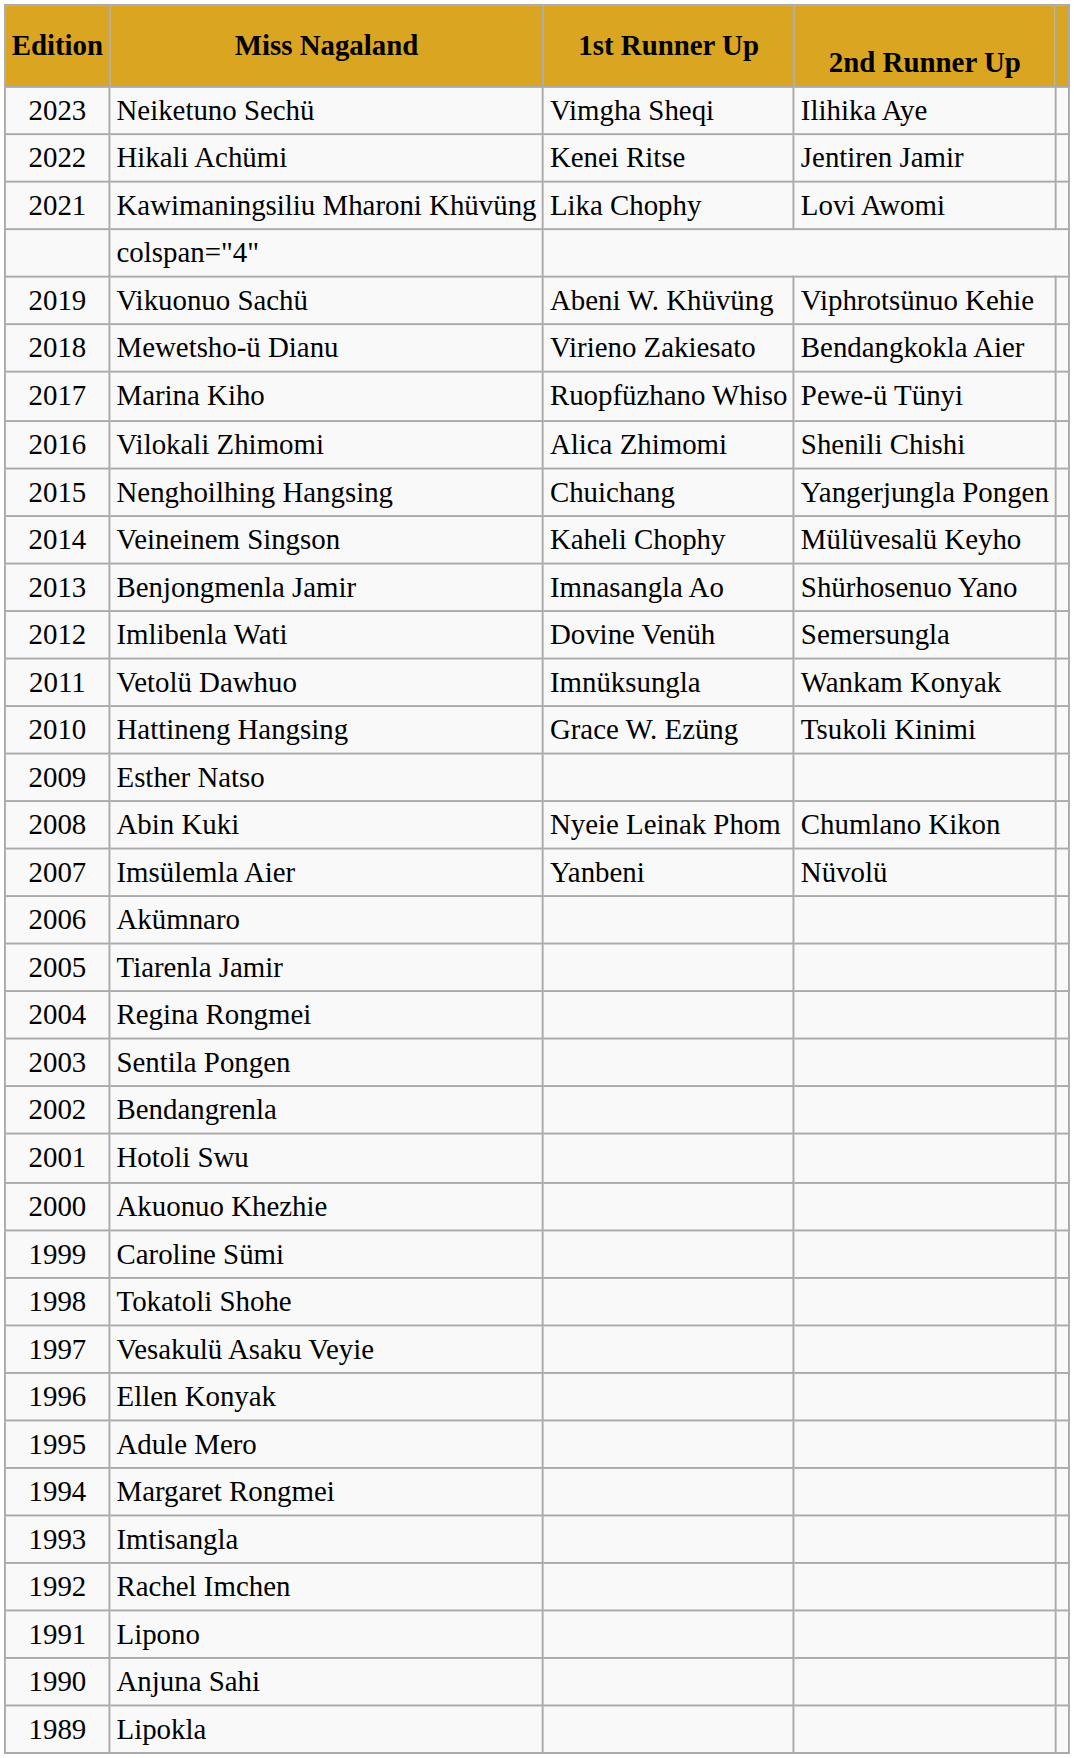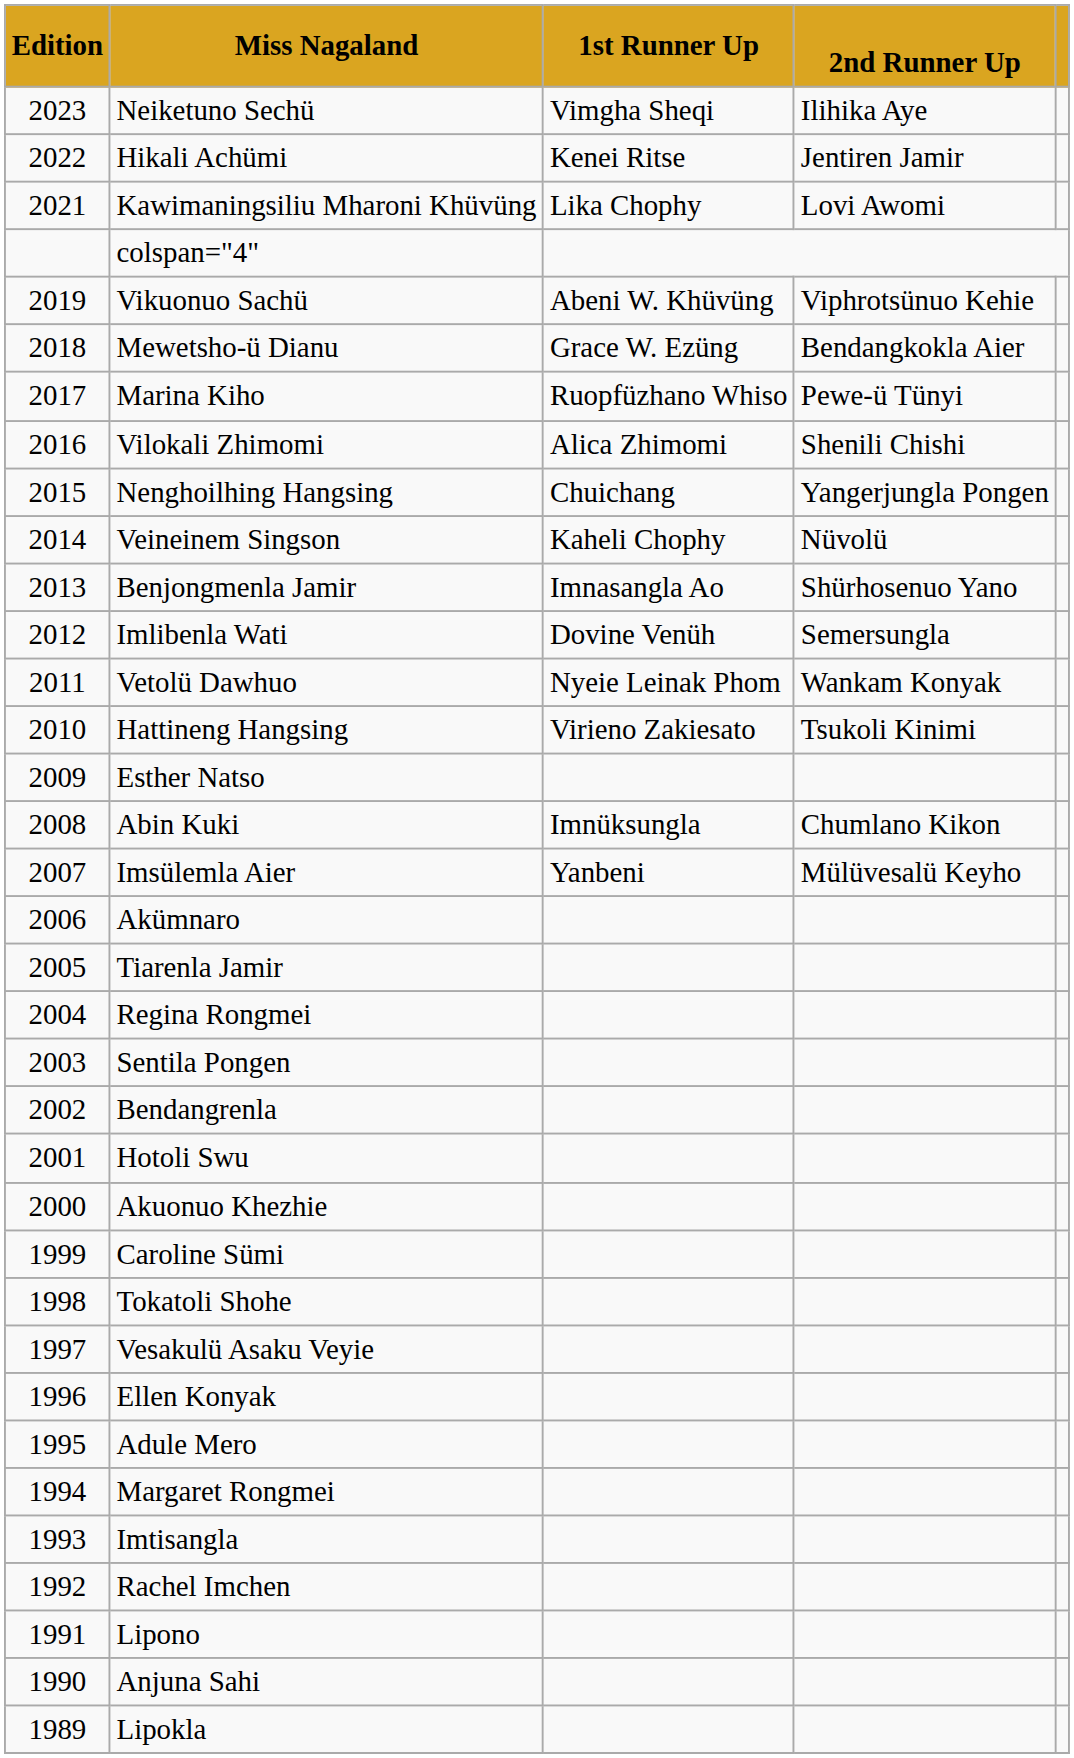 <table class="wikitable sortable" style="font-size:95%;">
 <tr>
 <th style="background-color:#DAA520">Edition</th>
 <th style="background-color:#DAA520">Miss Nagaland</th>
 <th style="background-color:#DAA520">1st Runner Up</th>
 <th style="background-color:#DAA520"><br>2nd Runner Up</th>
 <th style="background-color:#DAA520"></th>
 </tr>
 <tr>
 <td align=center>2023</td>
 <td>Neiketuno Sechü</td>
 <td>Vimgha Sheqi</td>
 <td>Ilihika Aye</td>
 <td></td>
 </tr>
 <tr>
 <td align=center>2022</td>
 <td>Hikali Achümi</td>
 <td>Kenei Ritse</td>
 <td>Jentiren Jamir</td>
 <td></td>
 </tr>
 <tr>
 <td align=center>2021</td>
 <td>Kawimaningsiliu Mharoni Khüvüng</td>
 <td>Lika Chophy</td>
 <td>Lovi Awomi</td>
 <td></td>
 </tr>
 <tr>
 <td align=center></td>
 <td>colspan="4" </td>
 </tr>
 <tr>
 <td align=center>2019</td>
 <td>Vikuonuo Sachü</td>
 <td>Abeni W. Khüvüng</td>
 <td>Viphrotsünuo Kehie</td>
 <td></td>
 </tr>
 <tr>
 <td align=center>2018</td>
 <td>Mewetsho-ü Dianu</td>
-<td>Virieno Zakiesato</td>
+<td>Grace W. Ezüng</td>
 <td>Bendangkokla Aier</td>
 <td></td>
 </tr>
 <tr>
 <td align=center>2017</td>
 <td>Marina Kiho</td>
 <td>Ruopfüzhano Whiso</td>
 <td>Pewe-ü Tünyi</td>
 <td></td>
 </tr>
 <tr>
 <td align=center>2016</td>
 <td>Vilokali Zhimomi</td>
 <td>Alica Zhimomi</td>
 <td>Shenili Chishi</td>
 <td></td>
 </tr>
 <tr>
 <td align=center>2015</td>
 <td>Nenghoilhing Hangsing</td>
 <td>Chuichang</td>
 <td>Yangerjungla Pongen</td>
 <td></td>
 </tr>
 <tr>
 <td align=center>2014</td>
 <td>Veineinem Singson</td>
 <td>Kaheli Chophy</td>
-<td>Mülüvesalü Keyho</td>
+<td>Nüvolü</td>
 <td></td>
 </tr>
 <tr>
 <td align=center>2013</td>
 <td>Benjongmenla Jamir</td>
 <td>Imnasangla Ao</td>
 <td>Shürhosenuo Yano</td>
 <td></td>
 </tr>
 <tr>
 <td align=center>2012</td>
 <td>Imlibenla Wati</td>
 <td>Dovine Venüh</td>
 <td>Semersungla</td>
 <td></td>
 </tr>
 <tr>
 <td align=center>2011</td>
 <td>Vetolü Dawhuo</td>
-<td>Imnüksungla</td>
+<td>Nyeie Leinak Phom</td>
 <td>Wankam Konyak</td>
 <td></td>
 </tr>
 <tr>
 <td align=center>2010</td>
 <td>Hattineng Hangsing</td>
-<td>Grace W. Ezüng</td>
+<td>Virieno Zakiesato</td>
 <td>Tsukoli Kinimi</td>
 <td></td>
 </tr>
 <tr>
 <td align=center>2009</td>
 <td>Esther Natso</td>
 <td></td>
 <td></td>
 <td></td>
 </tr>
 <tr>
 <td align=center>2008</td>
 <td>Abin Kuki</td>
-<td>Nyeie Leinak Phom</td>
+<td>Imnüksungla</td>
 <td>Chumlano Kikon</td>
 <td></td>
 </tr>
 <tr>
 <td align=center>2007</td>
 <td>Imsülemla Aier</td>
 <td>Yanbeni</td>
-<td>Nüvolü</td>
+<td>Mülüvesalü Keyho</td>
 <td></td>
 </tr>
 <tr>
 <td align=center>2006</td>
 <td>Akümnaro</td>
 <td></td>
 <td></td>
 <td></td>
 </tr>
 <tr>
 <td align=center>2005</td>
 <td>Tiarenla Jamir</td>
 <td></td>
 <td></td>
 <td></td>
 </tr>
 <tr>
 <td align=center>2004</td>
 <td>Regina Rongmei</td>
 <td></td>
 <td></td>
 <td></td>
 </tr>
 <tr>
 <td align=center>2003</td>
 <td>Sentila Pongen</td>
 <td></td>
 <td></td>
 <td></td>
 </tr>
 <tr>
 <td align=center>2002</td>
 <td>Bendangrenla</td>
 <td></td>
 <td></td>
 <td></td>
 </tr>
 <tr>
 <td align=center>2001</td>
 <td>Hotoli Swu</td>
 <td></td>
 <td></td>
 <td></td>
 </tr>
 <tr>
 <td align=center>2000</td>
 <td>Akuonuo Khezhie</td>
 <td></td>
 <td></td>
 <td></td>
 </tr>
 <tr>
 <td align=center>1999</td>
 <td>Caroline Sümi</td>
 <td></td>
 <td></td>
 <td></td>
 </tr>
 <tr>
 <td align=center>1998</td>
 <td>Tokatoli Shohe</td>
 <td></td>
 <td></td>
 <td></td>
 </tr>
 <tr>
 <td align=center>1997</td>
 <td>Vesakulü Asaku Veyie</td>
 <td></td>
 <td></td>
 <td></td>
 </tr>
 <tr>
 <td align=center>1996</td>
 <td>Ellen Konyak</td>
 <td></td>
 <td></td>
 <td></td>
 </tr>
 <tr>
 <td align=center>1995</td>
 <td>Adule Mero</td>
 <td></td>
 <td></td>
 <td></td>
 </tr>
 <tr>
 <td align=center>1994</td>
 <td>Margaret Rongmei</td>
 <td></td>
 <td></td>
 <td></td>
 </tr>
 <tr>
 <td align=center>1993</td>
 <td>Imtisangla</td>
 <td></td>
 <td></td>
 <td></td>
 </tr>
 <tr>
 <td align=center>1992</td>
 <td>Rachel Imchen</td>
 <td></td>
 <td></td>
 <td></td>
 </tr>
 <tr>
 <td align=center>1991</td>
 <td>Lipono</td>
 <td></td>
 <td></td>
 <td></td>
 </tr>
 <tr>
 <td align=center>1990</td>
 <td>Anjuna Sahi</td>
 <td></td>
 <td></td>
 <td></td>
 </tr>
 <tr>
 <td align=center>1989</td>
 <td>Lipokla</td>
 <td></td>
 <td></td>
 <td></td>
 </tr>
 <tr>
 </tr>
 </table>
